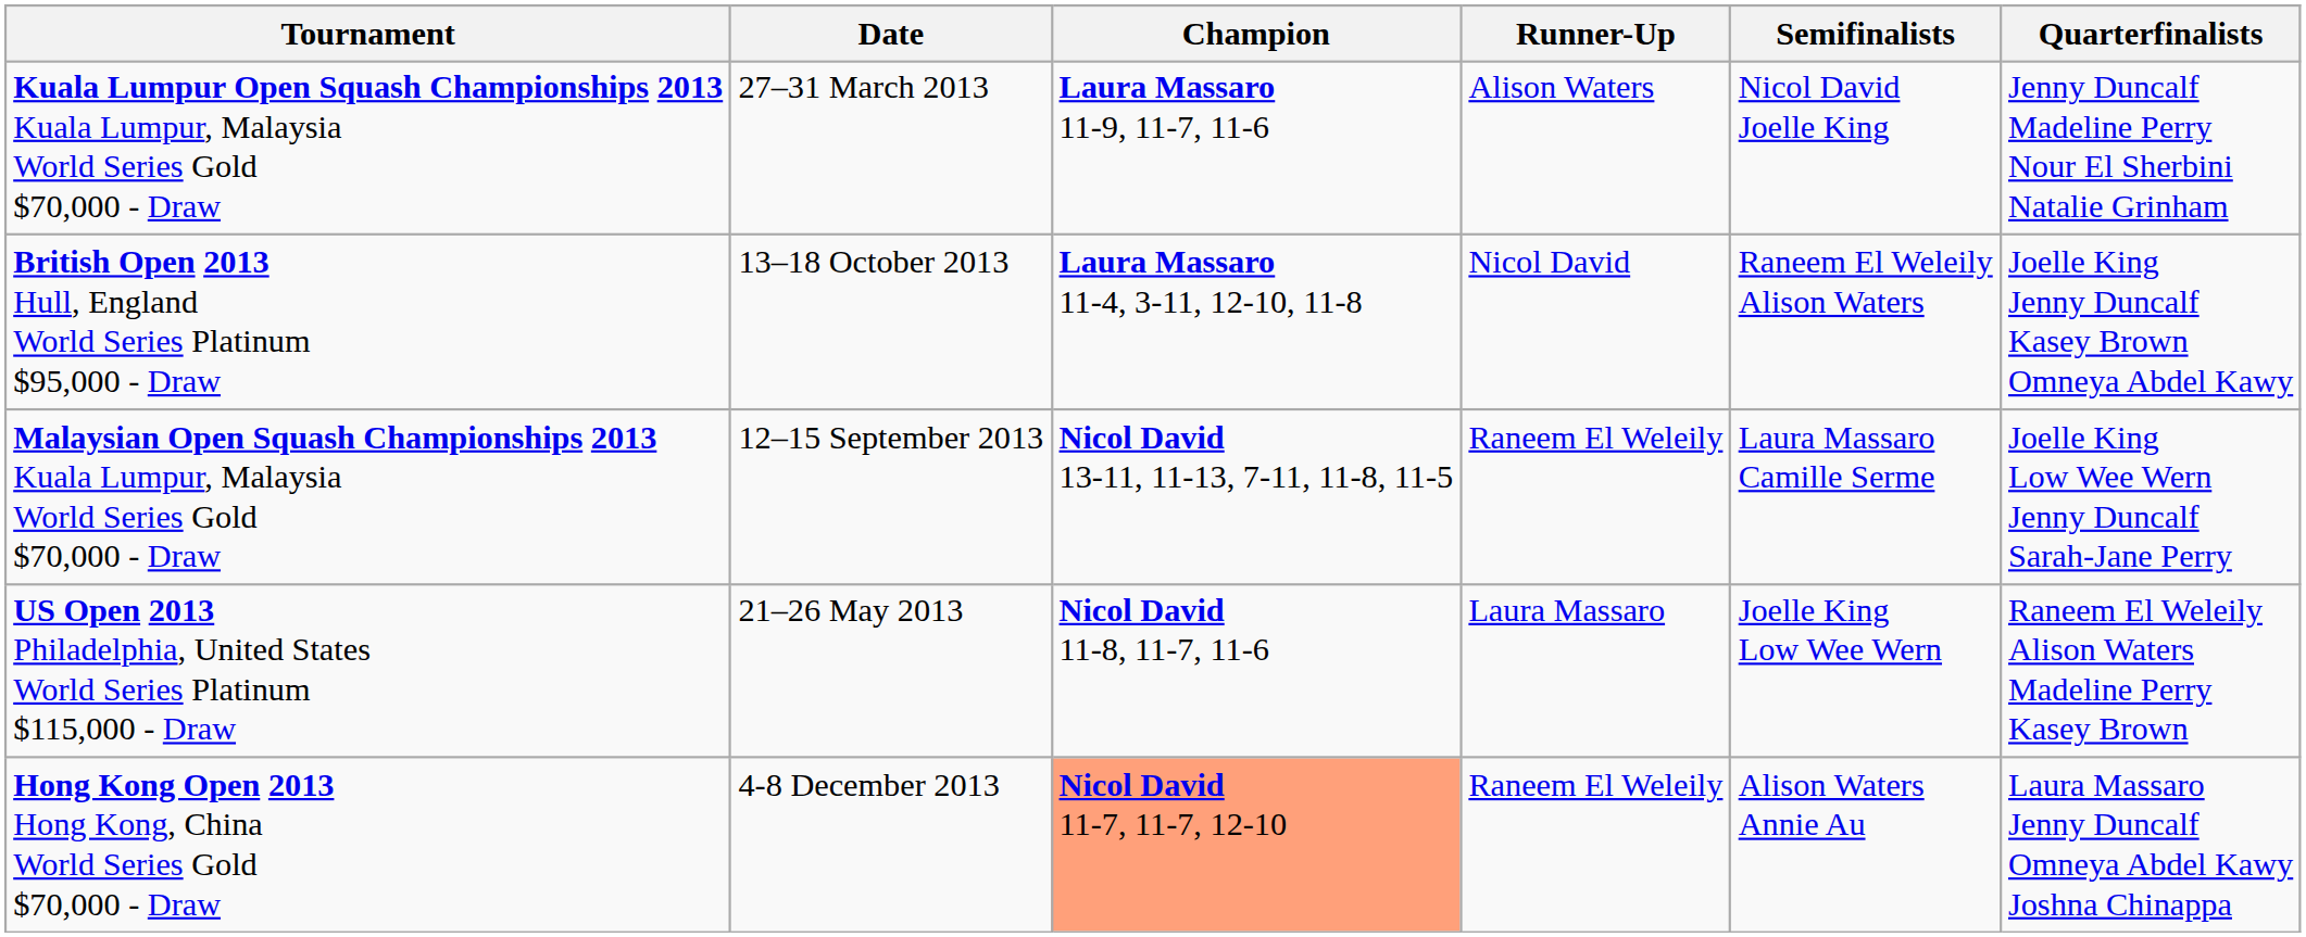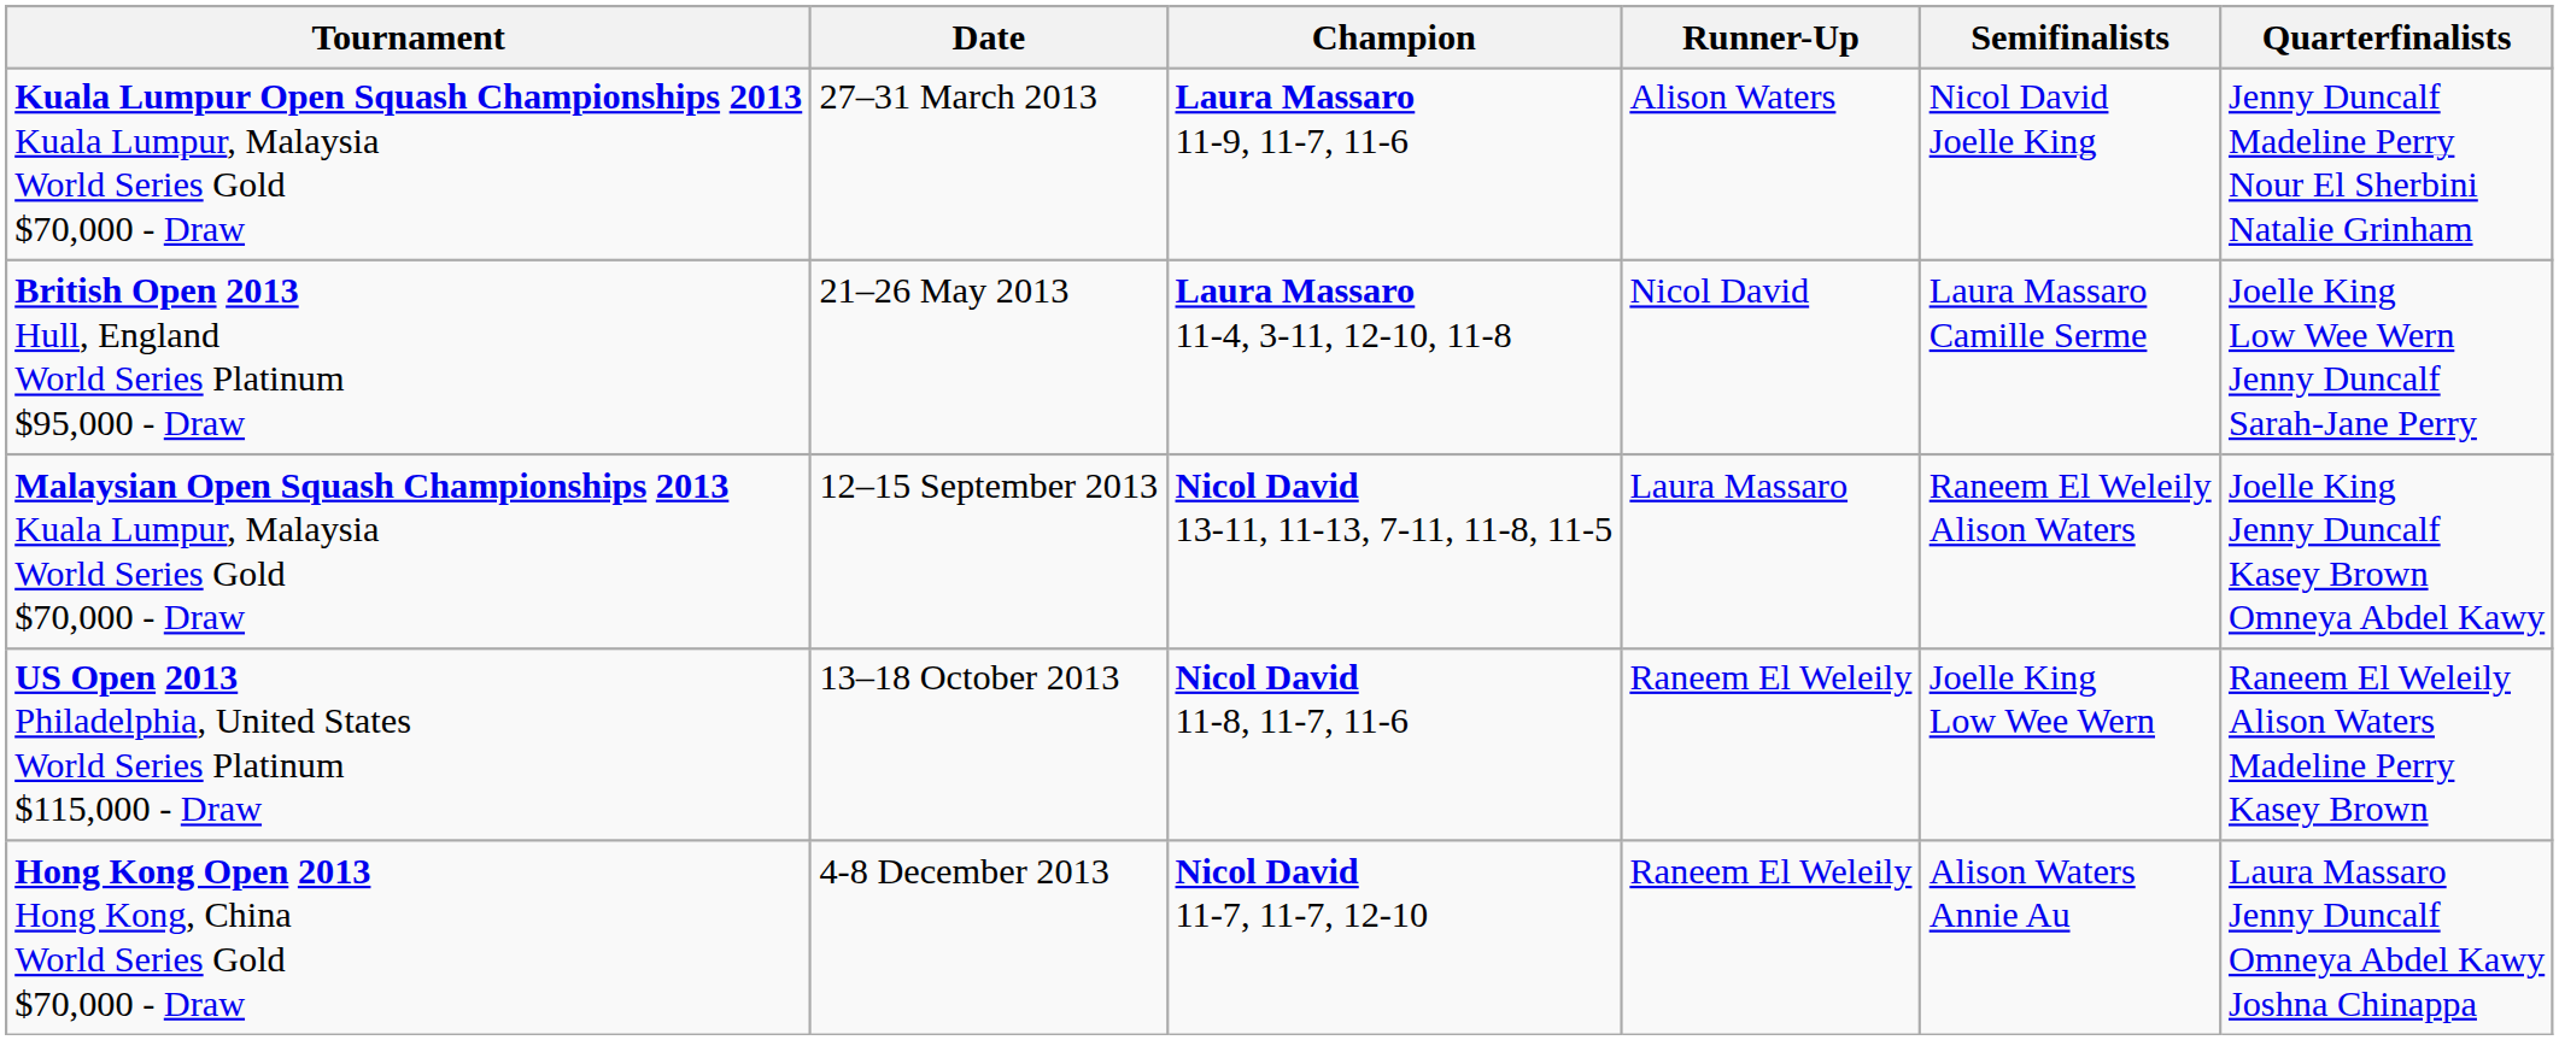 <table class="wikitable" style="font-size:88%">
 <tr>
 <th>Tournament</th>
 <th>Date</th>
 <th>Champion</th>
 <th>Runner-Up</th>
 <th>Semifinalists</th>
 <th>Quarterfinalists</th>
 </tr>
 <tr valign=top>
 <td><strong><a href='#'>Kuala Lumpur Open Squash Championships</a> <a href='#'>2013</a></strong><br> <a href='#'>Kuala Lumpur</a>, Malaysia<br><a href='#'>World Series</a> Gold<br>$70,000 - <a href='#'>Draw</a></td>
 <td>27–31 March 2013</td>
 <td> <strong><a href='#'>Laura Massaro</a></strong><br>11-9, 11-7, 11-6</td>
 <td> <a href='#'>Alison Waters</a></td>
 <td> <a href='#'>Nicol David</a><br> <a href='#'>Joelle King</a></td>
 <td> <a href='#'>Jenny Duncalf</a><br> <a href='#'>Madeline Perry</a><br> <a href='#'>Nour El Sherbini</a><br> <a href='#'>Natalie Grinham</a></td>
 </tr>
 <tr valign=top>
 <td><strong><a href='#'>British Open</a> <a href='#'>2013</a></strong><br> <a href='#'>Hull</a>, England<br><a href='#'>World Series</a> Platinum<br>$95,000 - <a href='#'>Draw</a></td>
-<td>13–18 October 2013</td>
+<td>21–26 May 2013</td>
 <td> <strong><a href='#'>Laura Massaro</a></strong><br>11-4, 3-11, 12-10, 11-8</td>
 <td> <a href='#'>Nicol David</a></td>
-<td> <a href='#'>Raneem El Weleily</a><br> <a href='#'>Alison Waters</a></td>
-<td> <a href='#'>Joelle King</a><br> <a href='#'>Jenny Duncalf</a><br> <a href='#'>Kasey Brown</a><br> <a href='#'>Omneya Abdel Kawy</a></td>
+<td> <a href='#'>Laura Massaro</a><br> <a href='#'>Camille Serme</a></td>
+<td> <a href='#'>Joelle King</a><br> <a href='#'>Low Wee Wern</a><br> <a href='#'>Jenny Duncalf</a><br> <a href='#'>Sarah-Jane Perry</a></td>
 </tr>
 <tr valign=top>
 <td><strong><a href='#'>Malaysian Open Squash Championships</a> <a href='#'>2013</a></strong><br> <a href='#'>Kuala Lumpur</a>, Malaysia<br><a href='#'>World Series</a> Gold<br>$70,000 - <a href='#'>Draw</a></td>
 <td>12–15 September 2013</td>
 <td> <strong><a href='#'>Nicol David</a></strong><br>13-11, 11-13, 7-11, 11-8, 11-5</td>
-<td> <a href='#'>Raneem El Weleily</a></td>
-<td> <a href='#'>Laura Massaro</a><br> <a href='#'>Camille Serme</a></td>
-<td> <a href='#'>Joelle King</a><br> <a href='#'>Low Wee Wern</a><br> <a href='#'>Jenny Duncalf</a><br> <a href='#'>Sarah-Jane Perry</a></td>
+<td> <a href='#'>Laura Massaro</a></td>
+<td> <a href='#'>Raneem El Weleily</a><br> <a href='#'>Alison Waters</a></td>
+<td> <a href='#'>Joelle King</a><br> <a href='#'>Jenny Duncalf</a><br> <a href='#'>Kasey Brown</a><br> <a href='#'>Omneya Abdel Kawy</a></td>
 </tr>
 <tr valign=top>
 <td><strong><a href='#'>US Open</a> <a href='#'>2013</a></strong><br> <a href='#'>Philadelphia</a>, United States<br><a href='#'>World Series</a> Platinum<br>$115,000 - <a href='#'>Draw</a></td>
-<td>21–26 May 2013</td>
+<td>13–18 October 2013</td>
 <td> <strong><a href='#'>Nicol David</a></strong><br>11-8, 11-7, 11-6</td>
-<td> <a href='#'>Laura Massaro</a></td>
+<td> <a href='#'>Raneem El Weleily</a></td>
 <td> <a href='#'>Joelle King</a><br> <a href='#'>Low Wee Wern</a></td>
 <td> <a href='#'>Raneem El Weleily</a><br> <a href='#'>Alison Waters</a><br> <a href='#'>Madeline Perry</a><br> <a href='#'>Kasey Brown</a></td>
 </tr>
 <tr valign=top>
 <td><strong><a href='#'>Hong Kong Open</a> <a href='#'>2013</a></strong><br> <a href='#'>Hong Kong</a>, China<br><a href='#'>World Series</a> Gold<br>$70,000 - <a href='#'>Draw</a></td>
 <td>4-8 December 2013</td>
-<td style="background: lightsalmon;"> <strong><a href='#'>Nicol David</a></strong><br>11-7, 11-7, 12-10</td>
+<td> <strong><a href='#'>Nicol David</a></strong><br>11-7, 11-7, 12-10</td>
 <td> <a href='#'>Raneem El Weleily</a></td>
 <td> <a href='#'>Alison Waters</a><br> <a href='#'>Annie Au</a></td>
 <td> <a href='#'>Laura Massaro</a><br> <a href='#'>Jenny Duncalf</a><br> <a href='#'>Omneya Abdel Kawy</a><br> <a href='#'>Joshna Chinappa</a></td>
 </tr>
 </table>
